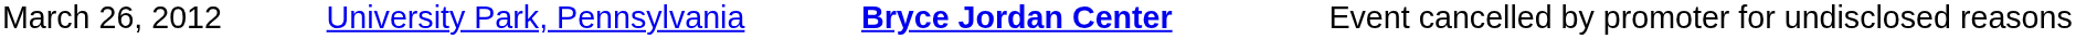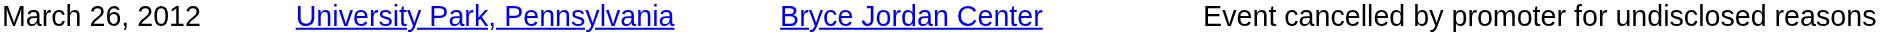 <table cellpadding="2" style="border:0 solid darkgrey; font-size:90%;">
 <tr>
 <th style="width:150px;"></th>
 <th style="width:250px;"></th>
 <th style="width:220px;"></th>
 <th style="width:700px;"></th>
 </tr>
 <tr border="0">
 <td>March 26, 2012</td>
 <td><a href='#'>University Park, Pennsylvania</a></td>
-<td><strong><a href='#'>Bryce Jordan Center</a></strong></td>
+<td><a href='#'>Bryce Jordan Center</a></td>
 <td>Event cancelled by promoter for undisclosed reasons</td>
 </tr>
 </table>
